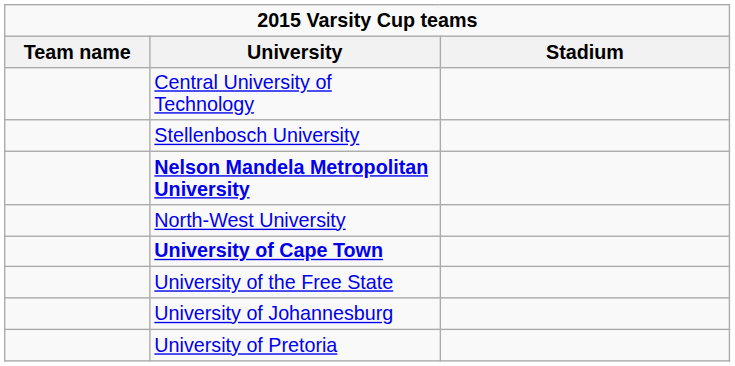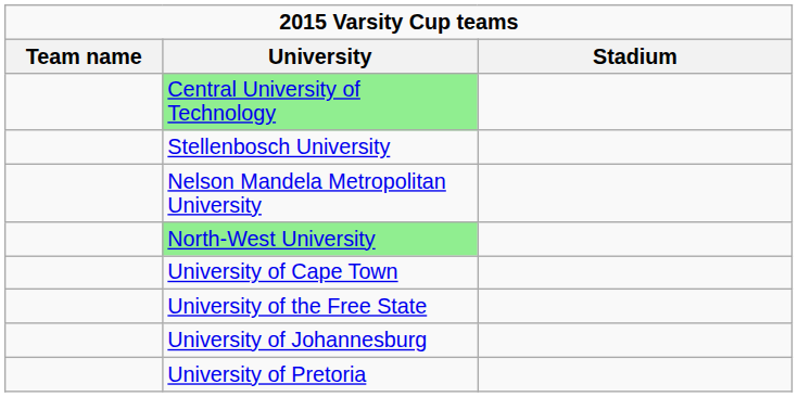 <table class="wikitable" style="text-align:left; font-size:90%; width:60%;">
 <tr>
 <td colspan=4 align=center><strong>2015 Varsity Cup teams</strong></td>
 </tr>
 <tr>
 <th width="20%">Team name</th>
 <th width="40%">University</th>
 <th width="40%">Stadium</th>
 </tr>
 <tr>
 <td></td>
-<td><a href='#'>Central University of Technology</a></td>
+<td style="background: lightgreen;"><a href='#'>Central University of Technology</a></td>
 <td></td>
 </tr>
 <tr>
 <td></td>
 <td><a href='#'>Stellenbosch University</a></td>
 <td></td>
 </tr>
 <tr>
 <td></td>
-<td><strong><a href='#'>Nelson Mandela Metropolitan University</a></strong></td>
+<td><a href='#'>Nelson Mandela Metropolitan University</a></td>
 <td></td>
 </tr>
 <tr>
 <td></td>
-<td><a href='#'>North-West University</a></td>
+<td style="background: lightgreen;"><a href='#'>North-West University</a></td>
 <td></td>
 </tr>
 <tr>
 <td></td>
-<td><strong><a href='#'>University of Cape Town</a></strong></td>
+<td><a href='#'>University of Cape Town</a></td>
 <td></td>
 </tr>
 <tr>
 <td></td>
 <td><a href='#'>University of the Free State</a></td>
 <td></td>
 </tr>
 <tr>
 <td></td>
 <td><a href='#'>University of Johannesburg</a></td>
 <td></td>
 </tr>
 <tr>
 <td></td>
 <td><a href='#'>University of Pretoria</a></td>
 <td></td>
 </tr>
 </table>
